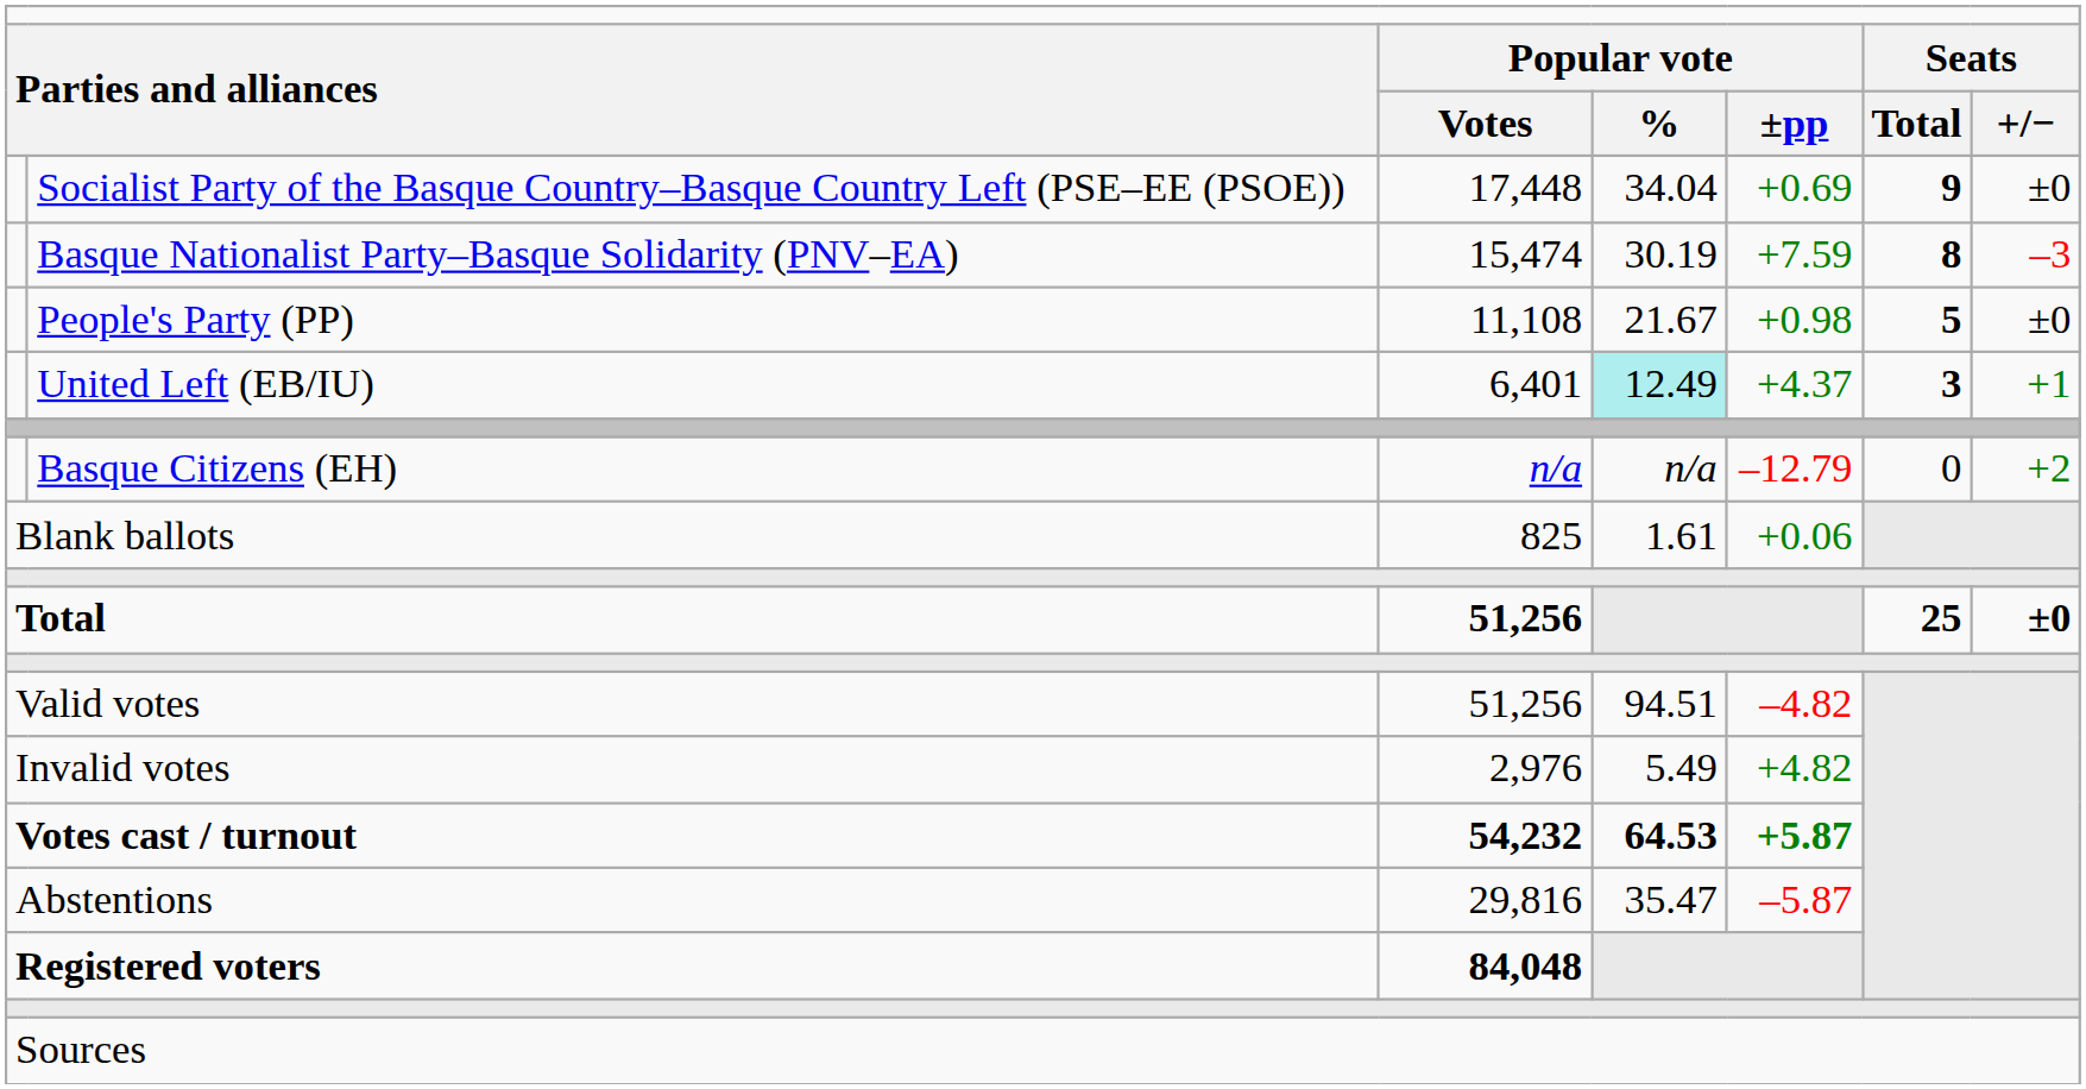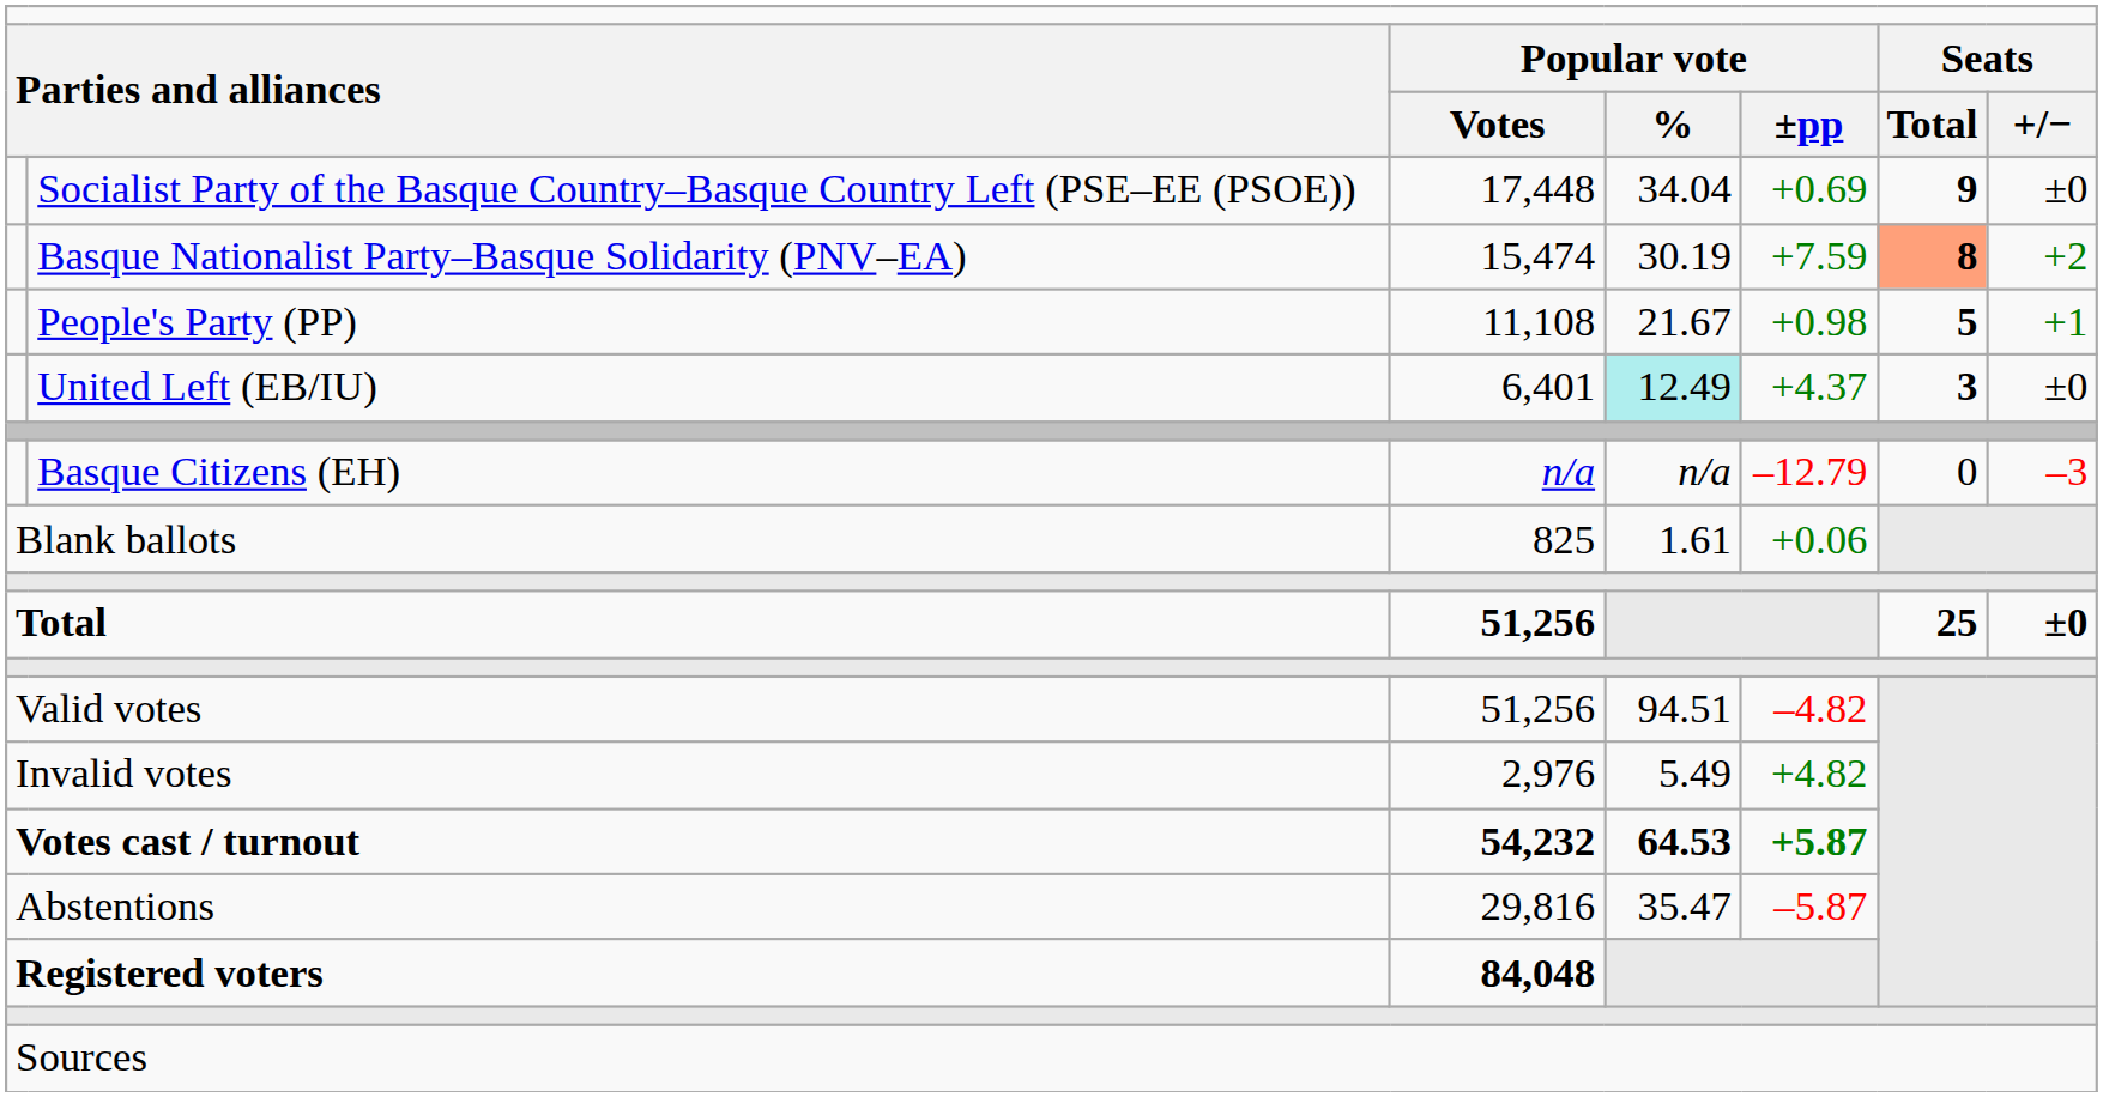 <table class="wikitable" style="text-align:right;">
 <tr>
 <td colspan="7"></td>
 </tr>
 <tr>
 <th style="text-align:left;" rowspan="2" colspan="2" width="525">Parties and alliances</th>
 <th colspan="3">Popular vote</th>
 <th colspan="2">Seats</th>
 </tr>
 <tr>
 <th width="75">Votes</th>
 <th width="45">%</th>
 <th width="45">±<a href='#'>pp</a></th>
 <th width="35">Total</th>
 <th width="35">+/−</th>
 </tr>
 <tr>
 <td width="1" style="color:inherit;background:"></td>
 <td align="left"><a href='#'>Socialist Party of the Basque Country–Basque Country Left</a> (PSE–EE (PSOE))</td>
 <td>17,448</td>
 <td>34.04</td>
 <td style="color:green;">+0.69</td>
 <td><strong>9</strong></td>
 <td>±0</td>
 </tr>
 <tr>
 <td style="color:inherit;background:"></td>
 <td align="left"><a href='#'>Basque Nationalist Party–Basque Solidarity</a> (<a href='#'>PNV</a>–<a href='#'>EA</a>)</td>
 <td>15,474</td>
 <td>30.19</td>
 <td style="color:green;">+7.59</td>
-<td><strong>8</strong></td>
-<td style="color:red;">–3</td>
+<td style="background: lightsalmon;"><strong>8</strong></td>
+<td style="color:green;">+2</td>
 </tr>
 <tr>
 <td style="color:inherit;background:"></td>
 <td align="left"><a href='#'>People's Party</a> (PP)</td>
 <td>11,108</td>
 <td>21.67</td>
 <td style="color:green;">+0.98</td>
 <td><strong>5</strong></td>
-<td>±0</td>
+<td style="color:green;">+1</td>
 </tr>
 <tr>
 <td style="color:inherit;background:"></td>
 <td align="left"><a href='#'>United Left</a> (EB/IU)</td>
 <td>6,401</td>
 <td style="background: paleturquoise;">12.49</td>
 <td style="color:green;">+4.37</td>
 <td><strong>3</strong></td>
-<td style="color:green;">+1</td>
+<td>±0</td>
 </tr>
 <tr>
 <td colspan="7" style="color:inherit;background:#C0C0C0"></td>
 </tr>
 <tr>
 <td style="color:inherit;background:"></td>
 <td align="left"><a href='#'>Basque Citizens</a> (EH)</td>
 <td><em><a href='#'>n/a</a></em></td>
 <td><em>n/a</em></td>
 <td style="color:red;">–12.79</td>
 <td>0</td>
-<td style="color:green;">+2</td>
+<td style="color:red;">–3</td>
 </tr>
 <tr>
 <td align="left" colspan="2">Blank ballots</td>
 <td>825</td>
 <td>1.61</td>
 <td style="color:green;">+0.06</td>
 <td style="color:inherit;background:#E9E9E9" colspan="2"></td>
 </tr>
 <tr>
 <td colspan="7" style="color:inherit;background:#E9E9E9"></td>
 </tr>
 <tr style="font-weight:bold;">
 <td align="left" colspan="2">Total</td>
 <td>51,256</td>
 <td bgcolor="#E9E9E9" colspan="2"></td>
 <td>25</td>
 <td>±0</td>
 </tr>
 <tr>
 <td colspan="7" style="color:inherit;background:#E9E9E9"></td>
 </tr>
 <tr>
 <td align="left" colspan="2">Valid votes</td>
 <td>51,256</td>
 <td>94.51</td>
 <td style="color:red;">–4.82</td>
 <td bgcolor="#E9E9E9" colspan="2" rowspan="5"></td>
 </tr>
 <tr>
 <td align="left" colspan="2">Invalid votes</td>
 <td>2,976</td>
 <td>5.49</td>
 <td style="color:green;">+4.82</td>
 </tr>
 <tr style="font-weight:bold;">
 <td align="left" colspan="2">Votes cast / turnout</td>
 <td>54,232</td>
 <td>64.53</td>
 <td style="color:green;">+5.87</td>
 </tr>
 <tr>
 <td align="left" colspan="2">Abstentions</td>
 <td>29,816</td>
 <td>35.47</td>
 <td style="color:red;">–5.87</td>
 </tr>
 <tr style="font-weight:bold;">
 <td align="left" colspan="2">Registered voters</td>
 <td>84,048</td>
 <td bgcolor="#E9E9E9" colspan="2"></td>
 </tr>
 <tr>
 <td colspan="7" style="color:inherit;background:#E9E9E9"></td>
 </tr>
 <tr>
 <td align="left" colspan="7">Sources</td>
 </tr>
 </table>
